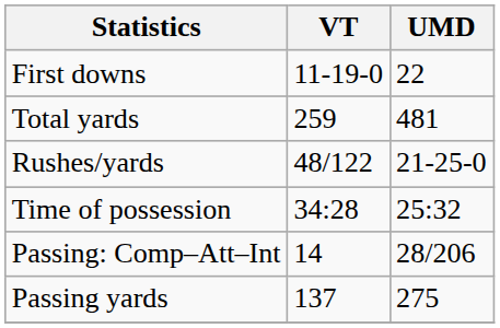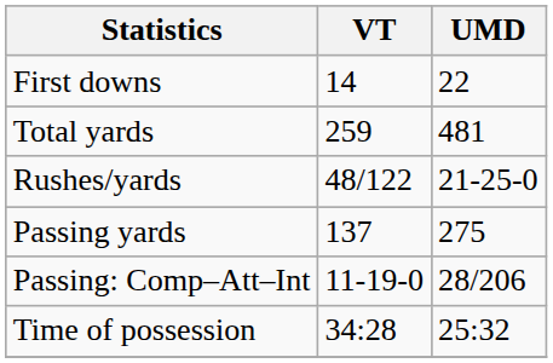 <table class="wikitable" style="float: left;">
 <tr>
 <th>Statistics</th>
 <th>VT</th>
 <th>UMD</th>
 </tr>
 <tr>
 <td>First downs</td>
-<td>11-19-0</td>
+<td>14</td>
 <td>22</td>
 </tr>
 <tr>
 <td>Total yards</td>
 <td>259</td>
 <td>481</td>
 </tr>
 <tr>
 <td>Rushes/yards</td>
 <td>48/122</td>
 <td>21-25-0</td>
 </tr>
 <tr>
+<td>Passing yards</td>
+<td>137</td>
+<td>275</td>
+</tr>
+<tr>
+<td>Passing: Comp–Att–Int</td>
+<td>11-19-0</td>
+<td>28/206</td>
+</tr>
+<tr>
 <td>Time of possession</td>
 <td>34:28</td>
 <td>25:32</td>
 </tr>
 <tr>
-<td>Passing: Comp–Att–Int</td>
-<td>14</td>
-<td>28/206</td>
-</tr>
-<tr>
-<td>Passing yards</td>
-<td>137</td>
-<td>275</td>
-</tr>
-<tr>
 </tr>
 </table>
